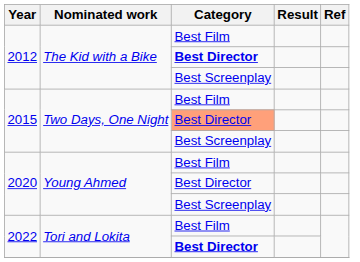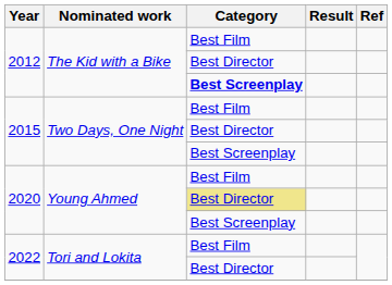 <table class="wikitable sortable">
 <tr>
 <th>Year</th>
 <th>Nominated work</th>
 <th>Category</th>
 <th>Result</th>
 <th>Ref</th>
 </tr>
 <tr>
 <td rowspan=3><a href='#'>2012</a></td>
 <td rowspan=3><em><a href='#'>The Kid with a Bike</a></em></td>
 <td><a href='#'>Best Film</a></td>
 <td></td>
 <td></td>
 </tr>
 <tr>
-<td><strong><a href='#'>Best Director</a></strong></td>
+<td><a href='#'>Best Director</a></td>
 <td></td>
 <td></td>
 </tr>
 <tr>
-<td><a href='#'>Best Screenplay</a></td>
+<td><strong><a href='#'>Best Screenplay</a></strong></td>
 <td></td>
 <td></td>
 </tr>
 <tr>
 <td rowspan=3><a href='#'>2015</a></td>
 <td rowspan=3><em><a href='#'>Two Days, One Night</a></em></td>
 <td><a href='#'>Best Film</a></td>
 <td></td>
 <td></td>
 </tr>
 <tr>
-<td style="background: lightsalmon;"><a href='#'>Best Director</a></td>
+<td><a href='#'>Best Director</a></td>
 <td></td>
 <td></td>
 </tr>
 <tr>
 <td><a href='#'>Best Screenplay</a></td>
 <td></td>
 <td></td>
 </tr>
 <tr>
 <td rowspan=3><a href='#'>2020</a></td>
 <td rowspan=3><em><a href='#'>Young Ahmed</a></em></td>
 <td><a href='#'>Best Film</a></td>
 <td></td>
 <td></td>
 </tr>
 <tr>
-<td><a href='#'>Best Director</a></td>
+<td style="background: khaki;"><a href='#'>Best Director</a></td>
 <td></td>
 <td></td>
 </tr>
 <tr>
 <td><a href='#'>Best Screenplay</a></td>
 <td></td>
 <td></td>
 </tr>
 <tr>
 <td rowspan=2><a href='#'>2022</a></td>
 <td rowspan=2><em><a href='#'>Tori and Lokita</a></em></td>
 <td><a href='#'>Best Film</a></td>
 <td></td>
 <td rowspan=2></td>
 </tr>
 <tr>
-<td><strong><a href='#'>Best Director</a></strong></td>
+<td><a href='#'>Best Director</a></td>
 <td></td>
 </tr>
 <tr>
 </tr>
 </table>
